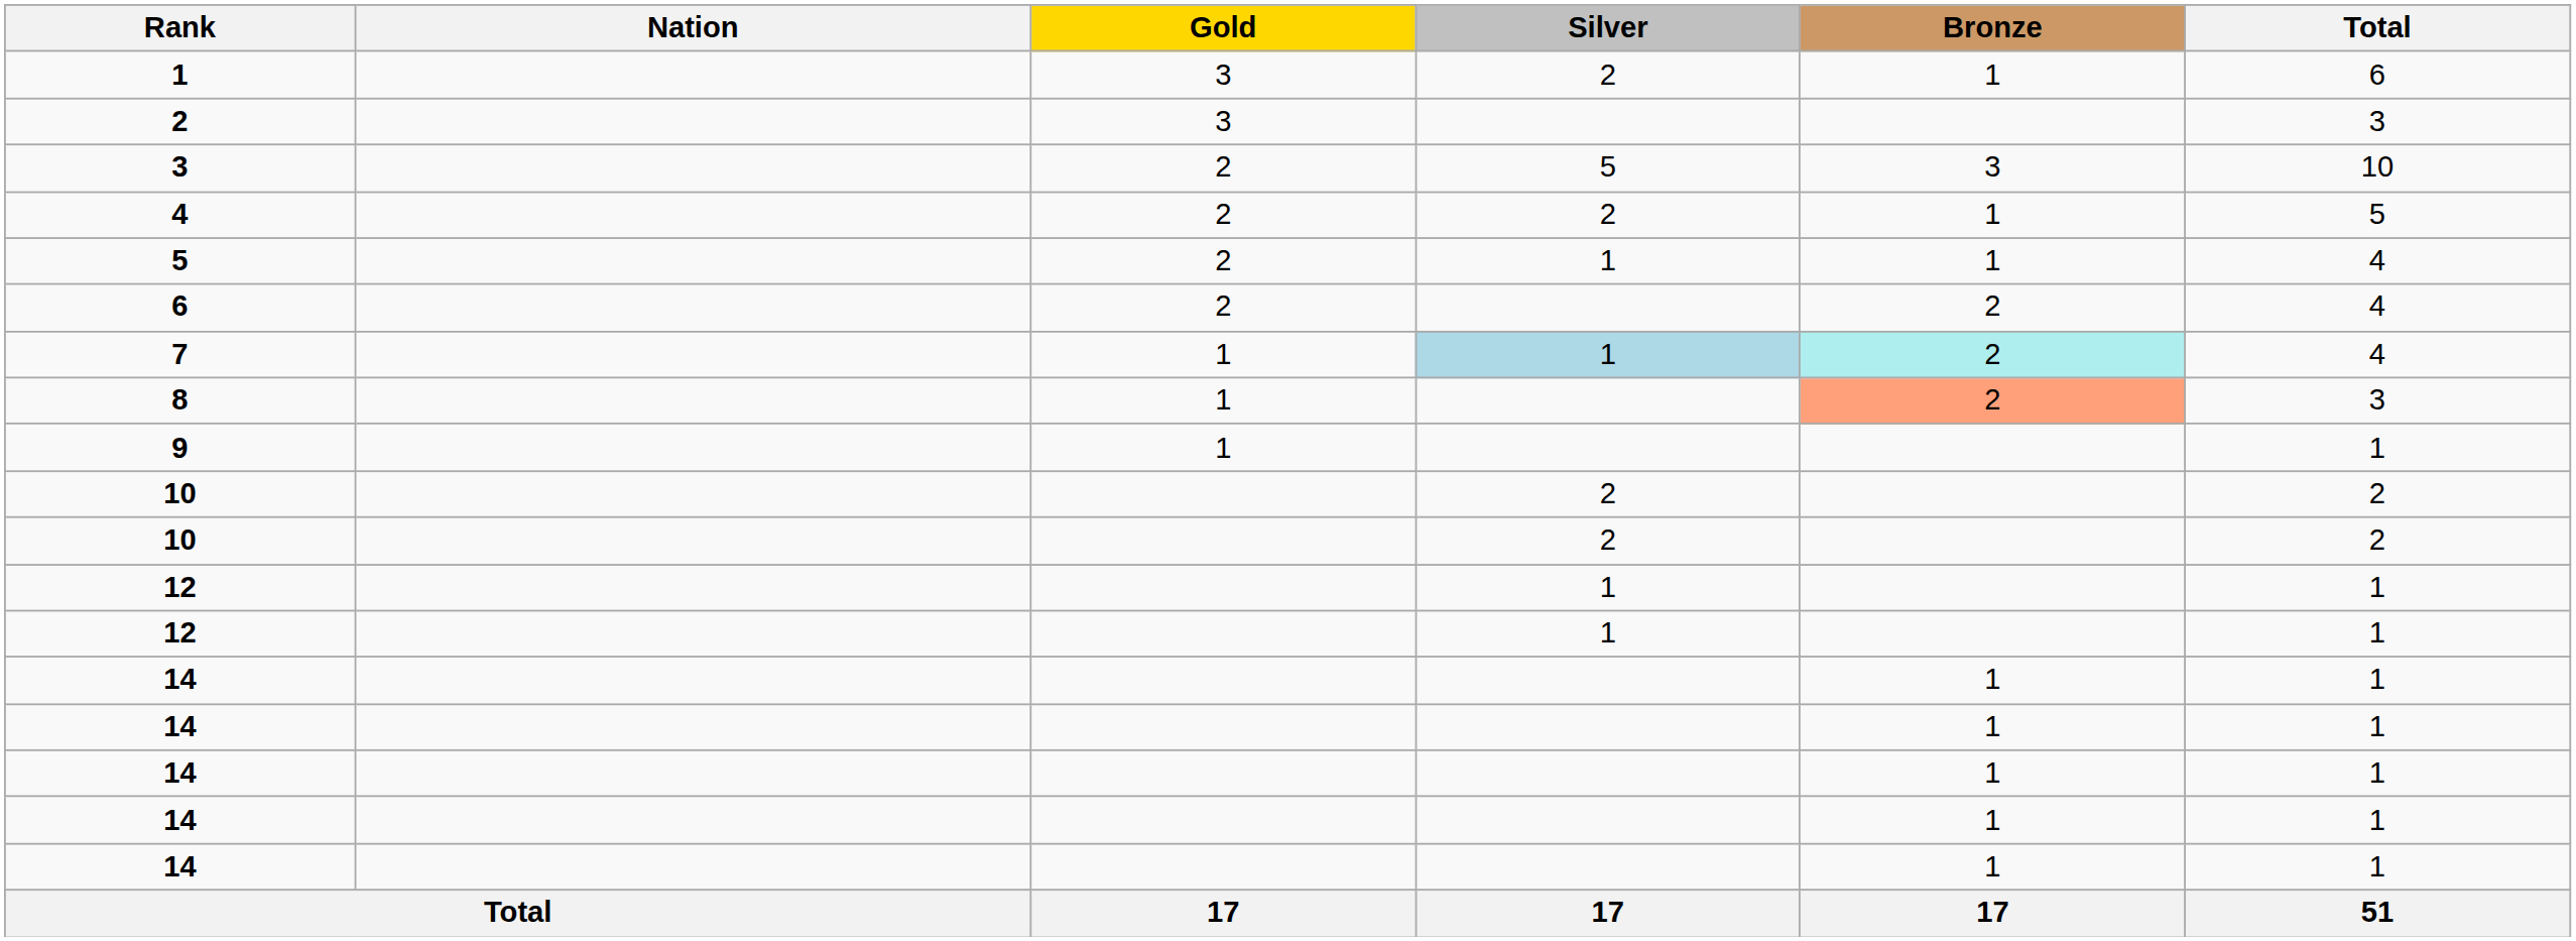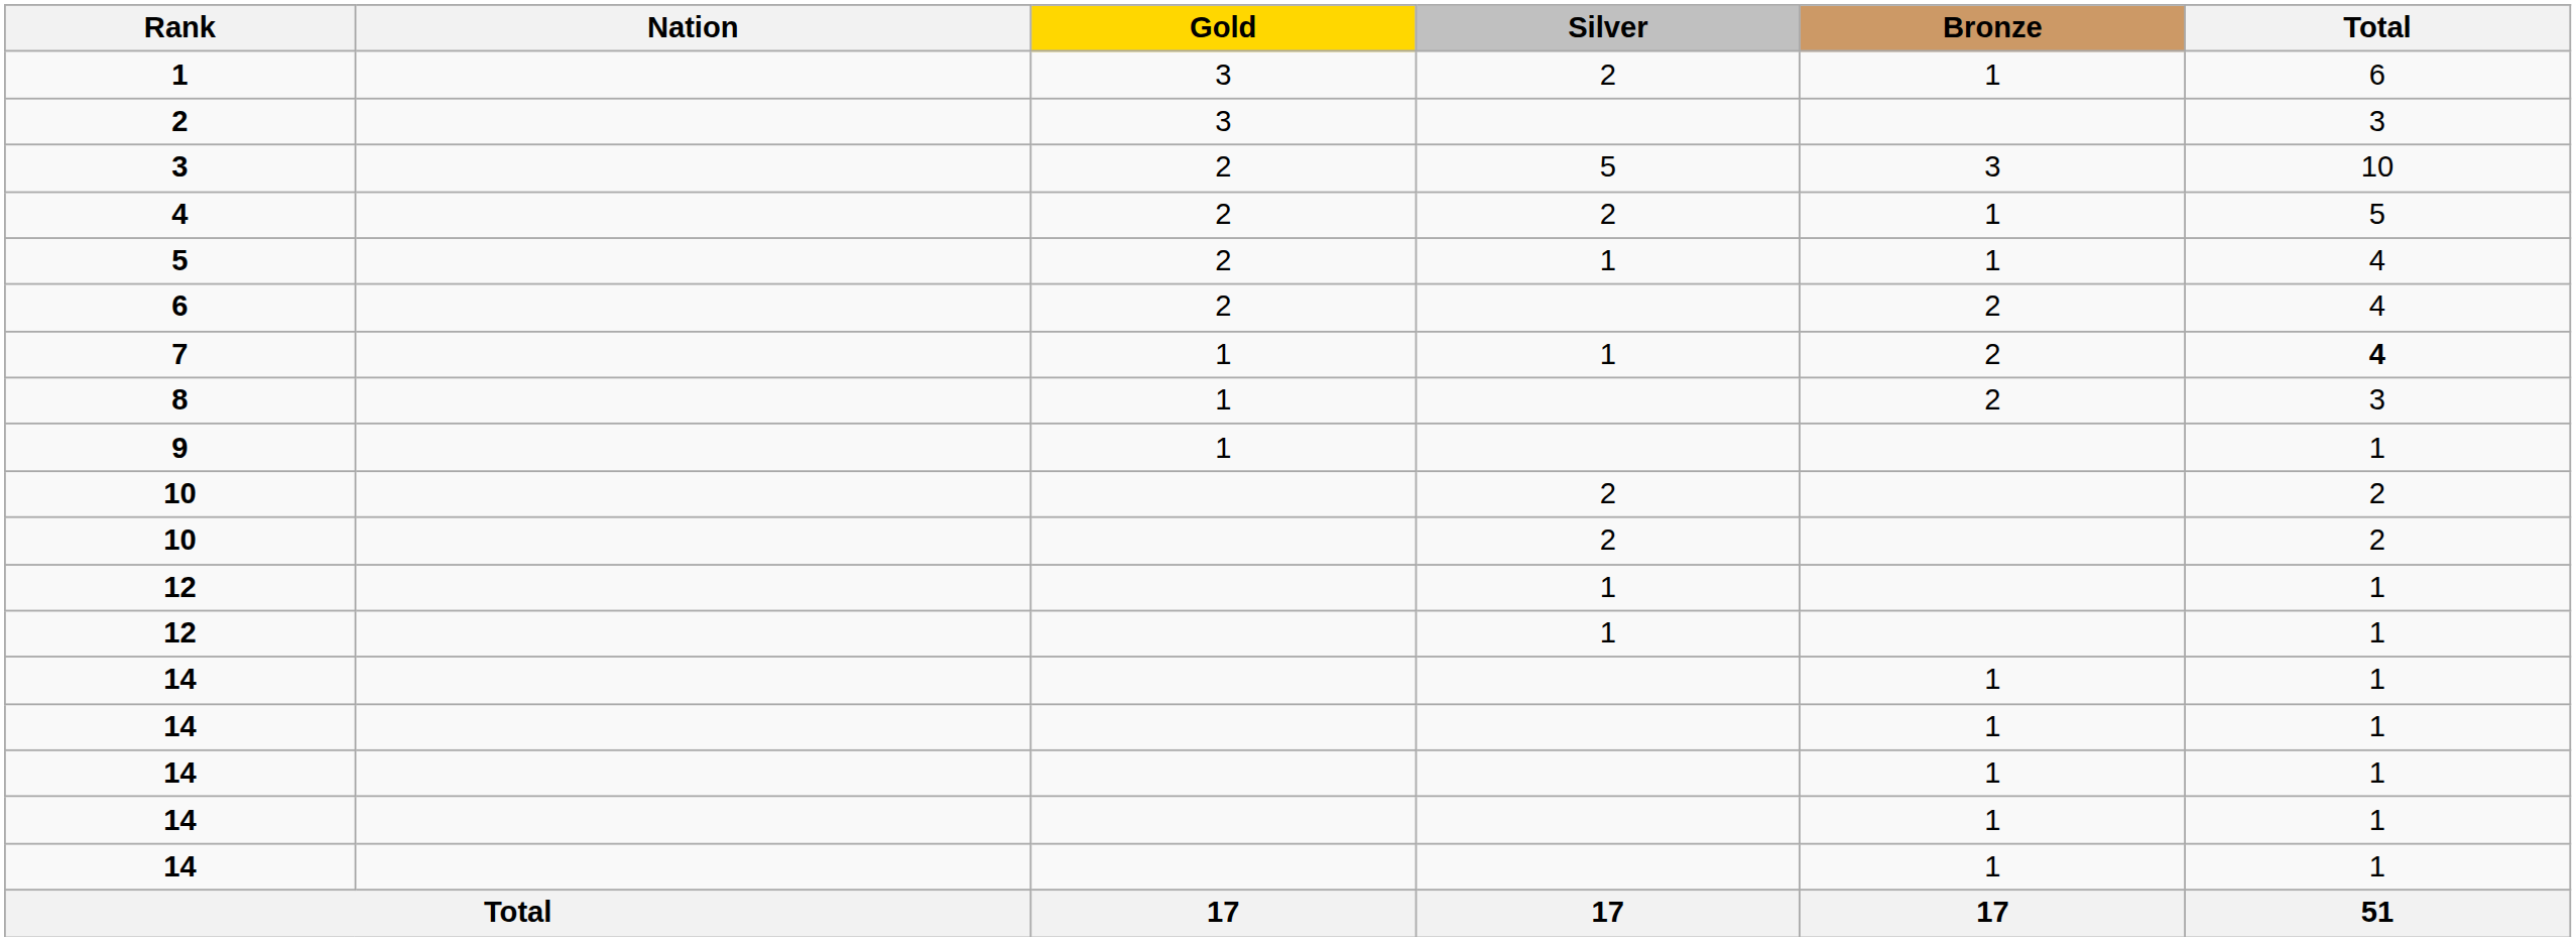 <table class="wikitable collapsible autocollapse plainrowheaders" width=70.5% style="text-align:center;">
 <tr style="background-color:#EDEDED;">
 <th width=100px class="hintergrundfarbe5">Rank</th>
 <th width=200px class="hintergrundfarbe6">Nation</th>
 <th style="background:    gold; width:15%">Gold</th>
 <th style="background:  silver; width:15%">Silver</th>
 <th style="background: #CC9966; width:15%">Bronze</th>
 <th class="hintergrundfarbe6" style="width:15%">Total</th>
 </tr>
 <tr>
 <td><strong>1</strong></td>
 <td align=left></td>
 <td>3</td>
 <td>2</td>
 <td>1</td>
 <td>6</td>
 </tr>
 <tr>
 <td><strong>2</strong></td>
 <td align=left></td>
 <td>3</td>
 <td></td>
 <td></td>
 <td>3</td>
 </tr>
 <tr>
 <td><strong>3</strong></td>
 <td align=left></td>
 <td>2</td>
 <td>5</td>
 <td>3</td>
 <td>10</td>
 </tr>
 <tr>
 <td><strong>4</strong></td>
 <td align=left></td>
 <td>2</td>
 <td>2</td>
 <td>1</td>
 <td>5</td>
 </tr>
 <tr>
 <td><strong>5</strong></td>
 <td align=left></td>
 <td>2</td>
 <td>1</td>
 <td>1</td>
 <td>4</td>
 </tr>
 <tr>
 <td><strong>6</strong></td>
 <td align=left></td>
 <td>2</td>
 <td></td>
 <td>2</td>
 <td>4</td>
 </tr>
 <tr>
 <td><strong>7</strong></td>
 <td align=left></td>
 <td>1</td>
-<td style="background: lightblue;">1</td>
-<td style="background: paleturquoise;">2</td>
-<td>4</td>
+<td>1</td>
+<td>2</td>
+<td><strong>4</strong></td>
 </tr>
 <tr>
 <td><strong>8</strong></td>
 <td align=left></td>
 <td>1</td>
 <td></td>
-<td style="background: lightsalmon;">2</td>
+<td>2</td>
 <td>3</td>
 </tr>
 <tr>
 <td><strong>9</strong></td>
 <td align=left></td>
 <td>1</td>
 <td></td>
 <td></td>
 <td>1</td>
 </tr>
 <tr>
 <td><strong>10</strong></td>
 <td align=left></td>
 <td></td>
 <td>2</td>
 <td></td>
 <td>2</td>
 </tr>
 <tr>
 <td><strong>10</strong></td>
 <td align=left></td>
 <td></td>
 <td>2</td>
 <td></td>
 <td>2</td>
 </tr>
 <tr>
 <td><strong>12</strong></td>
 <td align=left></td>
 <td></td>
 <td>1</td>
 <td></td>
 <td>1</td>
 </tr>
 <tr>
 <td><strong>12</strong></td>
 <td align=left></td>
 <td></td>
 <td>1</td>
 <td></td>
 <td>1</td>
 </tr>
 <tr>
 <td><strong>14</strong></td>
 <td align=left></td>
 <td></td>
 <td></td>
 <td>1</td>
 <td>1</td>
 </tr>
 <tr>
 <td><strong>14</strong></td>
 <td align=left></td>
 <td></td>
 <td></td>
 <td>1</td>
 <td>1</td>
 </tr>
 <tr>
 <td><strong>14</strong></td>
 <td align=left></td>
 <td></td>
 <td></td>
 <td>1</td>
 <td>1</td>
 </tr>
 <tr>
 <td><strong>14</strong></td>
 <td align=left></td>
 <td></td>
 <td></td>
 <td>1</td>
 <td>1</td>
 </tr>
 <tr>
 <td><strong>14</strong></td>
 <td align=left></td>
 <td></td>
 <td></td>
 <td>1</td>
 <td>1</td>
 </tr>
 <tr>
 <th colspan=2>Total</th>
 <th>17</th>
 <th>17</th>
 <th>17</th>
 <th>51</th>
 </tr>
 </table>
